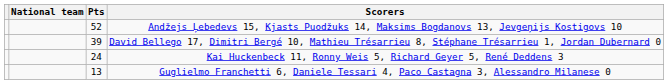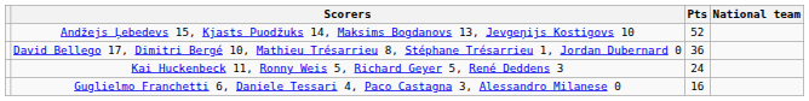 <table class=wikitable style="font-size: 95%">
 <tr>
 <th></th>
+<th>Scorers</th>
+<th>Pts</th>
 <th>National team</th>
-<th>Pts</th>
-<th>Scorers</th>
 </tr>
 <tr align=center >
 <td></td>
+<td><a href='#'>Andžejs Ļebedevs</a> 15, <a href='#'>Kjasts Puodžuks</a> 14, <a href='#'>Maksims Bogdanovs</a> 13, <a href='#'>Jevgeņijs Kostigovs</a> 10</td>
+<td>52</td>
 <td align=left></td>
-<td>52</td>
-<td><a href='#'>Andžejs Ļebedevs</a> 15, <a href='#'>Kjasts Puodžuks</a> 14, <a href='#'>Maksims Bogdanovs</a> 13, <a href='#'>Jevgeņijs Kostigovs</a> 10</td>
 </tr>
 <tr align=center>
 <td></td>
+<td><a href='#'>David Bellego</a> 17, <a href='#'>Dimitri Bergé</a> 10, <a href='#'>Mathieu Trésarrieu</a> 8, <a href='#'>Stéphane Trésarrieu</a> 1, <a href='#'>Jordan Dubernard</a> 0</td>
+<td>36</td>
 <td align=left></td>
-<td>39</td>
-<td><a href='#'>David Bellego</a> 17, <a href='#'>Dimitri Bergé</a> 10, <a href='#'>Mathieu Trésarrieu</a> 8, <a href='#'>Stéphane Trésarrieu</a> 1, <a href='#'>Jordan Dubernard</a> 0</td>
 </tr>
 <tr align=center>
 <td></td>
+<td><a href='#'>Kai Huckenbeck</a> 11, <a href='#'>Ronny Weis</a> 5, <a href='#'>Richard Geyer</a> 5, <a href='#'>René Deddens</a> 3</td>
+<td>24</td>
 <td align=left></td>
-<td>24</td>
-<td><a href='#'>Kai Huckenbeck</a> 11, <a href='#'>Ronny Weis</a> 5, <a href='#'>Richard Geyer</a> 5, <a href='#'>René Deddens</a> 3</td>
 </tr>
 <tr align=center>
 <td></td>
+<td><a href='#'>Guglielmo Franchetti</a> 6, <a href='#'>Daniele Tessari</a> 4, <a href='#'>Paco Castagna</a> 3, <a href='#'>Alessandro Milanese</a> 0</td>
+<td>16</td>
 <td align=left></td>
-<td>13</td>
-<td><a href='#'>Guglielmo Franchetti</a> 6, <a href='#'>Daniele Tessari</a> 4, <a href='#'>Paco Castagna</a> 3, <a href='#'>Alessandro Milanese</a> 0</td>
 </tr>
 </table>
